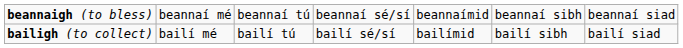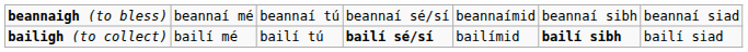 <table class="wikitable">
 <tr>
 <td><strong>beannaigh</strong> <em>(to bless)</em></td>
 <td>beannaí mé</td>
 <td>beannaí tú</td>
 <td>beannaí sé/sí</td>
 <td>beannaímid</td>
 <td>beannaí sibh</td>
 <td>beannaí siad</td>
 </tr>
 <tr>
 <td><strong>bailigh</strong> <em>(to collect)</em></td>
 <td>bailí mé</td>
 <td>bailí tú</td>
-<td>bailí sé/sí</td>
+<td><strong>bailí sé/sí</strong></td>
 <td>bailímid</td>
-<td>bailí sibh</td>
+<td><strong>bailí sibh</strong></td>
 <td>bailí siad</td>
 </tr>
 </table>
